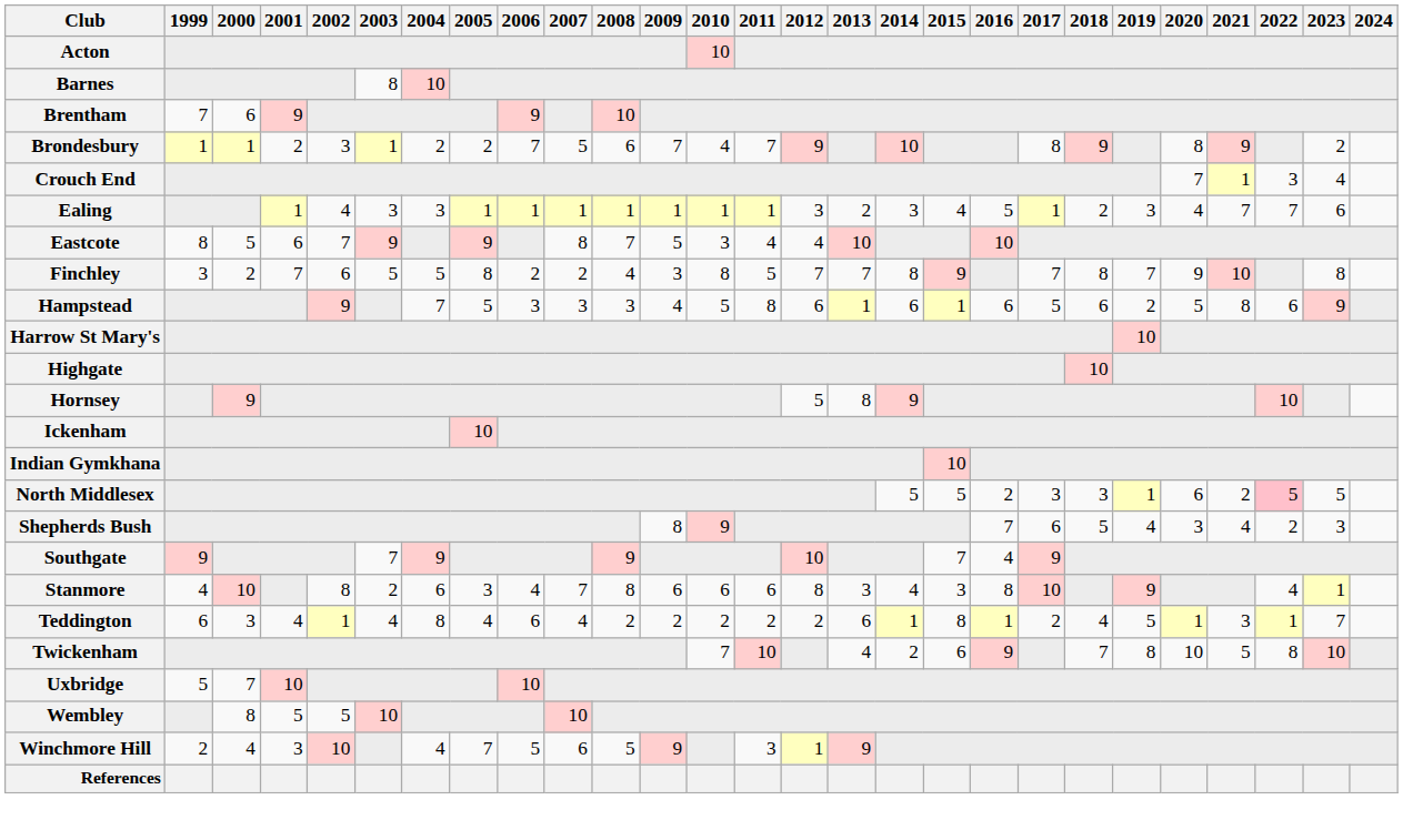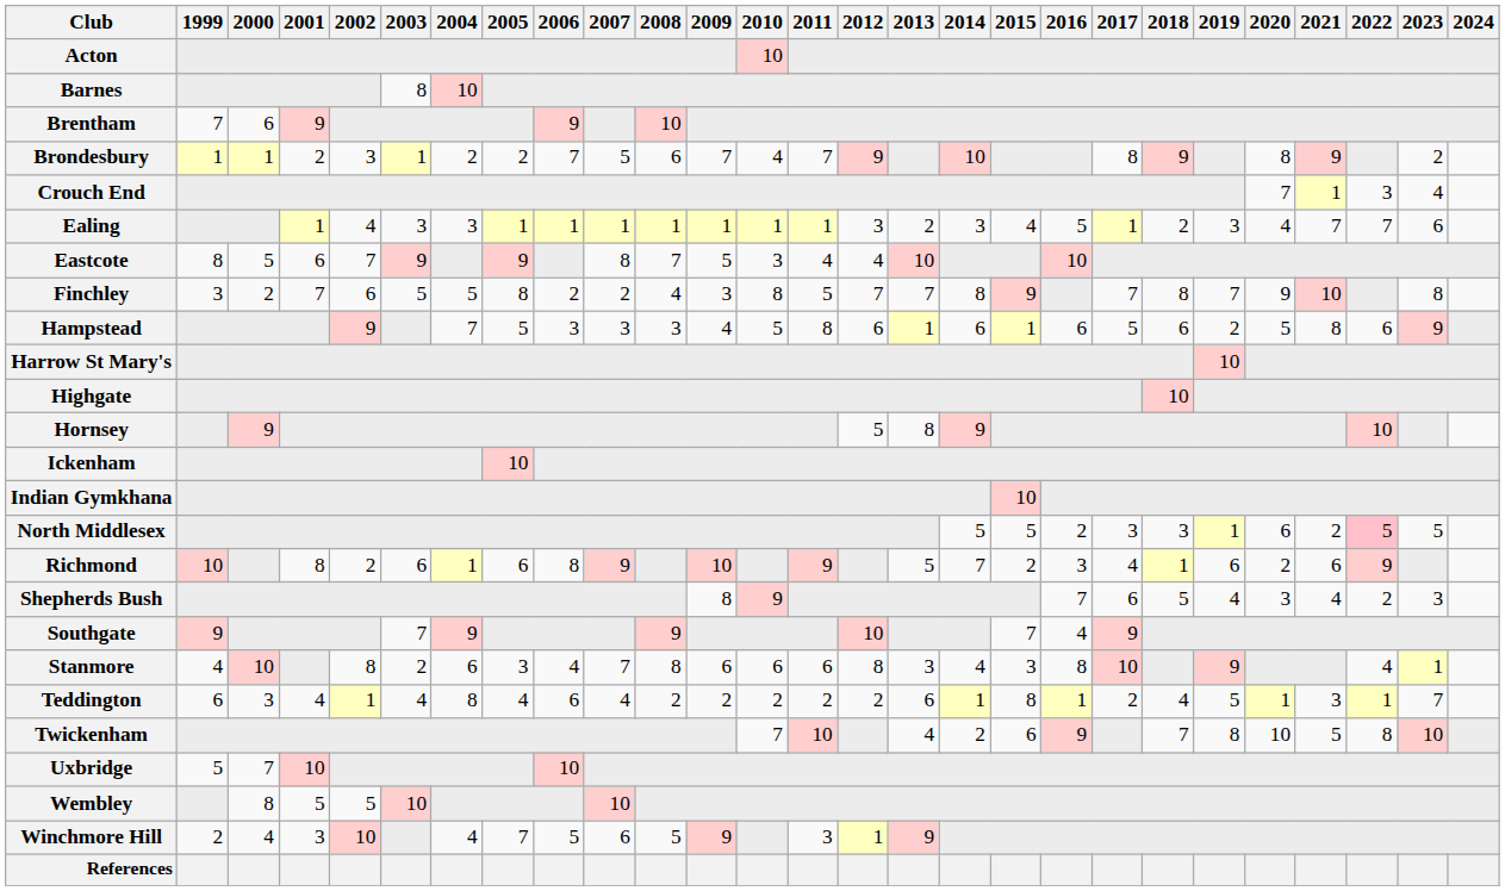 <table class="wikitable plainrowheaders" style="font-size:85%; text-align: right;">
 <tr>
 <th scope="col">Club</th>
 <th scope="col">1999</th>
 <th scope="col">2000</th>
 <th scope="col">2001</th>
 <th scope="col">2002</th>
 <th scope="col">2003</th>
 <th scope="col">2004</th>
 <th scope="col">2005</th>
 <th scope="col">2006</th>
 <th scope="col">2007</th>
 <th scope="col">2008</th>
 <th scope="col">2009</th>
 <th scope="col">2010</th>
 <th scope="col">2011</th>
 <th scope="col">2012</th>
 <th scope="col">2013</th>
 <th scope="col">2014</th>
 <th scope="col">2015</th>
 <th scope="col">2016</th>
 <th scope="col">2017</th>
 <th scope="col">2018</th>
 <th scope="col">2019</th>
 <th scope="col">2020</th>
 <th scope="col">2021</th>
 <th scope="col">2022</th>
 <th scope="col">2023</th>
 <th scope="col">2024</th>
 </tr>
 <tr>
 <th scope="row">Acton</th>
 <td bgcolor="#ececec" colspan="11"></td>
 <td bgcolor="#ffcfcf">10</td>
 <td bgcolor="#ececec" colspan="14"></td>
 </tr>
 <tr>
 <th scope="row">Barnes</th>
 <td bgcolor="#ececec" colspan="4"></td>
 <td>8</td>
 <td bgcolor="#ffcfcf">10</td>
 <td bgcolor="#ececec" colspan="20"></td>
 </tr>
 <tr>
 <th scope="row">Brentham</th>
 <td>7</td>
 <td>6</td>
 <td bgcolor="#ffcfcf">9</td>
 <td bgcolor="#ececec" colspan="4"></td>
 <td bgcolor="#ffcfcf">9</td>
 <td bgcolor="#ececec"></td>
 <td bgcolor="#ffcfcf">10</td>
 <td bgcolor="#ececec" colspan="16"></td>
 </tr>
 <tr>
 <th scope="row">Brondesbury</th>
 <td bgcolor="#ffffbf">1</td>
 <td bgcolor="#ffffbf">1</td>
 <td>2</td>
 <td>3</td>
 <td bgcolor="#ffffbf">1</td>
 <td>2</td>
 <td>2</td>
 <td>7</td>
 <td>5</td>
 <td>6</td>
 <td>7</td>
 <td>4</td>
 <td>7</td>
 <td bgcolor="#ffcfcf">9</td>
 <td bgcolor="#ececec"></td>
 <td bgcolor="#ffcfcf">10</td>
 <td bgcolor="#ececec" colspan="2"></td>
 <td>8</td>
 <td bgcolor="#ffcfcf">9</td>
 <td bgcolor="#ececec"></td>
 <td>8</td>
 <td bgcolor="#ffcfcf">9</td>
 <td bgcolor="#ececec" colspan="1"></td>
 <td>2</td>
 <td></td>
 </tr>
 <tr>
 <th scope="row">Crouch End</th>
 <td bgcolor="#ececec" colspan="21"></td>
 <td>7</td>
 <td bgcolor="#ffffbf">1</td>
 <td>3</td>
 <td>4</td>
 <td></td>
 </tr>
 <tr>
 <th scope="row">Ealing</th>
 <td bgcolor="#ececec" colspan="2"></td>
 <td bgcolor="#ffffbf">1</td>
 <td>4</td>
 <td>3</td>
 <td>3</td>
 <td bgcolor="#ffffbf">1</td>
 <td bgcolor="#ffffbf">1</td>
 <td bgcolor="#ffffbf">1</td>
 <td bgcolor="#ffffbf">1</td>
 <td bgcolor="#ffffbf">1</td>
 <td bgcolor="#ffffbf">1</td>
 <td bgcolor="#ffffbf">1</td>
 <td>3</td>
 <td>2</td>
 <td>3</td>
 <td>4</td>
 <td>5</td>
 <td bgcolor="#ffffbf">1</td>
 <td>2</td>
 <td>3</td>
 <td>4</td>
 <td>7</td>
 <td>7</td>
 <td>6</td>
 <td></td>
 </tr>
 <tr>
 <th scope="row">Eastcote</th>
 <td>8</td>
 <td>5</td>
 <td>6</td>
 <td>7</td>
 <td bgcolor="#ffcfcf">9</td>
 <td bgcolor="#ececec"></td>
 <td bgcolor="#ffcfcf">9</td>
 <td bgcolor="#ececec"></td>
 <td>8</td>
 <td>7</td>
 <td>5</td>
 <td>3</td>
 <td>4</td>
 <td>4</td>
 <td bgcolor="#ffcfcf">10</td>
 <td bgcolor="#ececec" colspan="2"></td>
 <td bgcolor="#ffcfcf">10</td>
 <td bgcolor="#ececec" colspan="8"></td>
 </tr>
 <tr>
 <th scope="row">Finchley</th>
 <td>3</td>
 <td>2</td>
 <td>7</td>
 <td>6</td>
 <td>5</td>
 <td>5</td>
 <td>8</td>
 <td>2</td>
 <td>2</td>
 <td>4</td>
 <td>3</td>
 <td>8</td>
 <td>5</td>
 <td>7</td>
 <td>7</td>
 <td>8</td>
 <td bgcolor="#ffcfcf">9</td>
 <td bgcolor="#ececec"></td>
 <td>7</td>
 <td>8</td>
 <td>7</td>
 <td>9</td>
 <td bgcolor="#ffcfcf">10</td>
 <td bgcolor="#ececec" colspan="1"></td>
 <td>8</td>
 <td></td>
 </tr>
 <tr>
 <th scope="row">Hampstead</th>
 <td bgcolor="#ececec" colspan="3"></td>
 <td bgcolor="#ffcfcf">9</td>
 <td bgcolor="#ececec"></td>
 <td>7</td>
 <td>5</td>
 <td>3</td>
 <td>3</td>
 <td>3</td>
 <td>4</td>
 <td>5</td>
 <td>8</td>
 <td>6</td>
 <td bgcolor="#ffffbf">1</td>
 <td>6</td>
 <td bgcolor="#ffffbf">1</td>
 <td>6</td>
 <td>5</td>
 <td>6</td>
 <td>2</td>
 <td>5</td>
 <td>8</td>
 <td>6</td>
 <td bgcolor="#ffcfcf">9</td>
 <td bgcolor="#ececec"></td>
 </tr>
 <tr>
 <th scope="row">Harrow St Mary's</th>
 <td bgcolor="#ececec" colspan="20"></td>
 <td bgcolor="#ffcfcf">10</td>
 <td bgcolor="#ececec" colspan="5"></td>
 </tr>
 <tr>
 <th scope="row">Highgate</th>
 <td bgcolor="#ececec" colspan="19"></td>
 <td bgcolor="#ffcfcf">10</td>
 <td bgcolor="#ececec" colspan="6"></td>
 </tr>
 <tr>
 <th scope="row">Hornsey</th>
 <td bgcolor="#ececec"></td>
 <td bgcolor="#ffcfcf">9</td>
 <td bgcolor="#ececec" colspan="11"></td>
 <td>5</td>
 <td>8</td>
 <td bgcolor="#ffcfcf">9</td>
 <td bgcolor="#ececec" colspan="7"></td>
 <td bgcolor="#ffcfcf">10</td>
 <td bgcolor="#ececec" colspan="1"></td>
 <td></td>
 </tr>
 <tr>
 <th scope="row">Ickenham</th>
 <td bgcolor="#ececec" colspan="6"></td>
 <td bgcolor="#ffcfcf">10</td>
 <td bgcolor="#ececec" colspan="19"></td>
 </tr>
 <tr>
 <th scope="row">Indian Gymkhana</th>
 <td bgcolor="#ececec" colspan="16"></td>
 <td bgcolor="#ffcfcf">10</td>
 <td bgcolor="#ececec" colspan="9"></td>
 </tr>
 <tr>
 <th scope="row">North Middlesex</th>
 <td bgcolor="#ececec" colspan="15"></td>
 <td>5</td>
 <td>5</td>
 <td>2</td>
 <td>3</td>
 <td>3</td>
 <td bgcolor="#ffffbf">1</td>
 <td>6</td>
 <td>2</td>
 <td style="background: pink;">5</td>
 <td>5</td>
 <td></td>
 </tr>
 <tr>
+<th scope="row">Richmond</th>
+<td bgcolor="#ffcfcf">10</td>
+<td bgcolor="#ececec"></td>
+<td>8</td>
+<td>2</td>
+<td>6</td>
+<td bgcolor="#ffffbf">1</td>
+<td>6</td>
+<td>8</td>
+<td bgcolor="#ffcfcf">9</td>
+<td bgcolor="#ececec"></td>
+<td bgcolor="#ffcfcf">10</td>
+<td bgcolor="#ececec"></td>
+<td bgcolor="#ffcfcf">9</td>
+<td bgcolor="#ececec"></td>
+<td>5</td>
+<td>7</td>
+<td>2</td>
+<td>3</td>
+<td>4</td>
+<td bgcolor="#ffffbf">1</td>
+<td>6</td>
+<td>2</td>
+<td>6</td>
+<td bgcolor="#ffcfcf">9</td>
+<td bgcolor="#ececec" colspan="1"></td>
+<td></td>
+</tr>
+<tr>
 <th scope="row">Shepherds Bush</th>
 <td bgcolor="#ececec" colspan="10"></td>
 <td>8</td>
 <td bgcolor="#ffcfcf" style="text-align: right;">9</td>
 <td bgcolor="#ececec" colspan="5"></td>
 <td>7</td>
 <td>6</td>
 <td>5</td>
 <td>4</td>
 <td>3</td>
 <td>4</td>
 <td>2</td>
 <td>3</td>
 <td></td>
 </tr>
 <tr>
 <th scope="row">Southgate</th>
 <td bgcolor="#ffcfcf">9</td>
 <td bgcolor="#ececec" colspan="3"></td>
 <td>7</td>
 <td bgcolor="#ffcfcf">9</td>
 <td bgcolor="#ececec" colspan="3"></td>
 <td bgcolor="#ffcfcf">9</td>
 <td bgcolor="#ececec" colspan="3"></td>
 <td bgcolor="#ffcfcf">10</td>
 <td bgcolor="#ececec" colspan="2"></td>
 <td>7</td>
 <td>4</td>
 <td bgcolor="#ffcfcf">9</td>
 <td bgcolor="#ececec" colspan="7"></td>
 </tr>
 <tr>
 <th scope="row">Stanmore</th>
 <td>4</td>
 <td bgcolor="#ffcfcf">10</td>
 <td bgcolor="#ececec"></td>
 <td>8</td>
 <td>2</td>
 <td>6</td>
 <td>3</td>
 <td>4</td>
 <td>7</td>
 <td>8</td>
 <td>6</td>
 <td>6</td>
 <td>6</td>
 <td>8</td>
 <td>3</td>
 <td>4</td>
 <td>3</td>
 <td>8</td>
 <td bgcolor="#ffcfcf">10</td>
 <td bgcolor="#ececec"></td>
 <td bgcolor="#ffcfcf">9</td>
 <td bgcolor="#ececec" colspan="2"></td>
 <td>4</td>
 <td bgcolor="#ffffbf">1</td>
 <td></td>
 </tr>
 <tr>
 <th scope="row">Teddington</th>
 <td>6</td>
 <td>3</td>
 <td>4</td>
 <td bgcolor="#ffffbf">1</td>
 <td>4</td>
 <td>8</td>
 <td>4</td>
 <td>6</td>
 <td>4</td>
 <td>2</td>
 <td>2</td>
 <td>2</td>
 <td>2</td>
 <td>2</td>
 <td>6</td>
 <td bgcolor="#ffffbf">1</td>
 <td>8</td>
 <td bgcolor="#ffffbf">1</td>
 <td>2</td>
 <td>4</td>
 <td>5</td>
 <td bgcolor="#ffffbf">1</td>
 <td>3</td>
 <td bgcolor="#ffffbf">1</td>
 <td>7</td>
 <td></td>
 </tr>
 <tr>
 <th scope="row">Twickenham</th>
 <td bgcolor="#ececec" colspan="11"></td>
 <td>7</td>
 <td bgcolor="#ffcfcf">10</td>
 <td bgcolor="#ececec"></td>
 <td>4</td>
 <td>2</td>
 <td>6</td>
 <td bgcolor="#ffcfcf">9</td>
 <td bgcolor="#ececec"></td>
 <td>7</td>
 <td>8</td>
 <td>10</td>
 <td>5</td>
 <td>8</td>
 <td bgcolor="#ffcfcf">10</td>
 <td bgcolor="#ececec"></td>
 </tr>
 <tr>
 <th scope="row">Uxbridge</th>
 <td>5</td>
 <td>7</td>
 <td bgcolor="#ffcfcf">10</td>
 <td bgcolor="#ececec" colspan="4"></td>
 <td bgcolor="#ffcfcf">10</td>
 <td bgcolor="#ececec" colspan="18"></td>
 </tr>
 <tr>
 <th scope="row">Wembley</th>
 <td bgcolor="#ececec"></td>
 <td>8</td>
 <td>5</td>
 <td>5</td>
 <td bgcolor="#ffcfcf">10</td>
 <td bgcolor="#ececec" colspan="3"></td>
 <td bgcolor="#ffcfcf">10</td>
 <td bgcolor="#ececec" colspan="17"></td>
 </tr>
 <tr>
 <th scope="row">Winchmore Hill</th>
 <td>2</td>
 <td>4</td>
 <td>3</td>
 <td bgcolor="#ffcfcf">10</td>
 <td bgcolor="#ececec"></td>
 <td>4</td>
 <td>7</td>
 <td>5</td>
 <td>6</td>
 <td>5</td>
 <td bgcolor="#ffcfcf">9</td>
 <td bgcolor="#ececec"></td>
 <td>3</td>
 <td bgcolor="#ffffbf">1</td>
 <td bgcolor="#ffcfcf">9</td>
 <td bgcolor="#ececec" colspan="11"></td>
 </tr>
 <tr style="font-size:90%; text-align:center">
 <th scope="row" style="text-align: right">References</th>
 <th scope="col"></th>
 <th scope="col"></th>
 <th scope="col"></th>
 <th scope="col"></th>
 <th scope="col"></th>
 <th scope="col"></th>
 <th scope="col"></th>
 <th scope="col"></th>
 <th scope="col"></th>
 <th scope="col"></th>
 <th scope="col"></th>
 <th scope="col"></th>
 <th scope="col"></th>
 <th scope="col"></th>
 <th scope="col"></th>
 <th scope="col"></th>
 <th scope="col"></th>
 <th scope="col"></th>
 <th scope="col"></th>
 <th scope="col"></th>
 <th scope="col"></th>
 <th scope="col"></th>
 <th scope="col"></th>
 <th scope="col"></th>
 <th scope="col"></th>
 <th scope="col"></th>
 </tr>
 </table>
